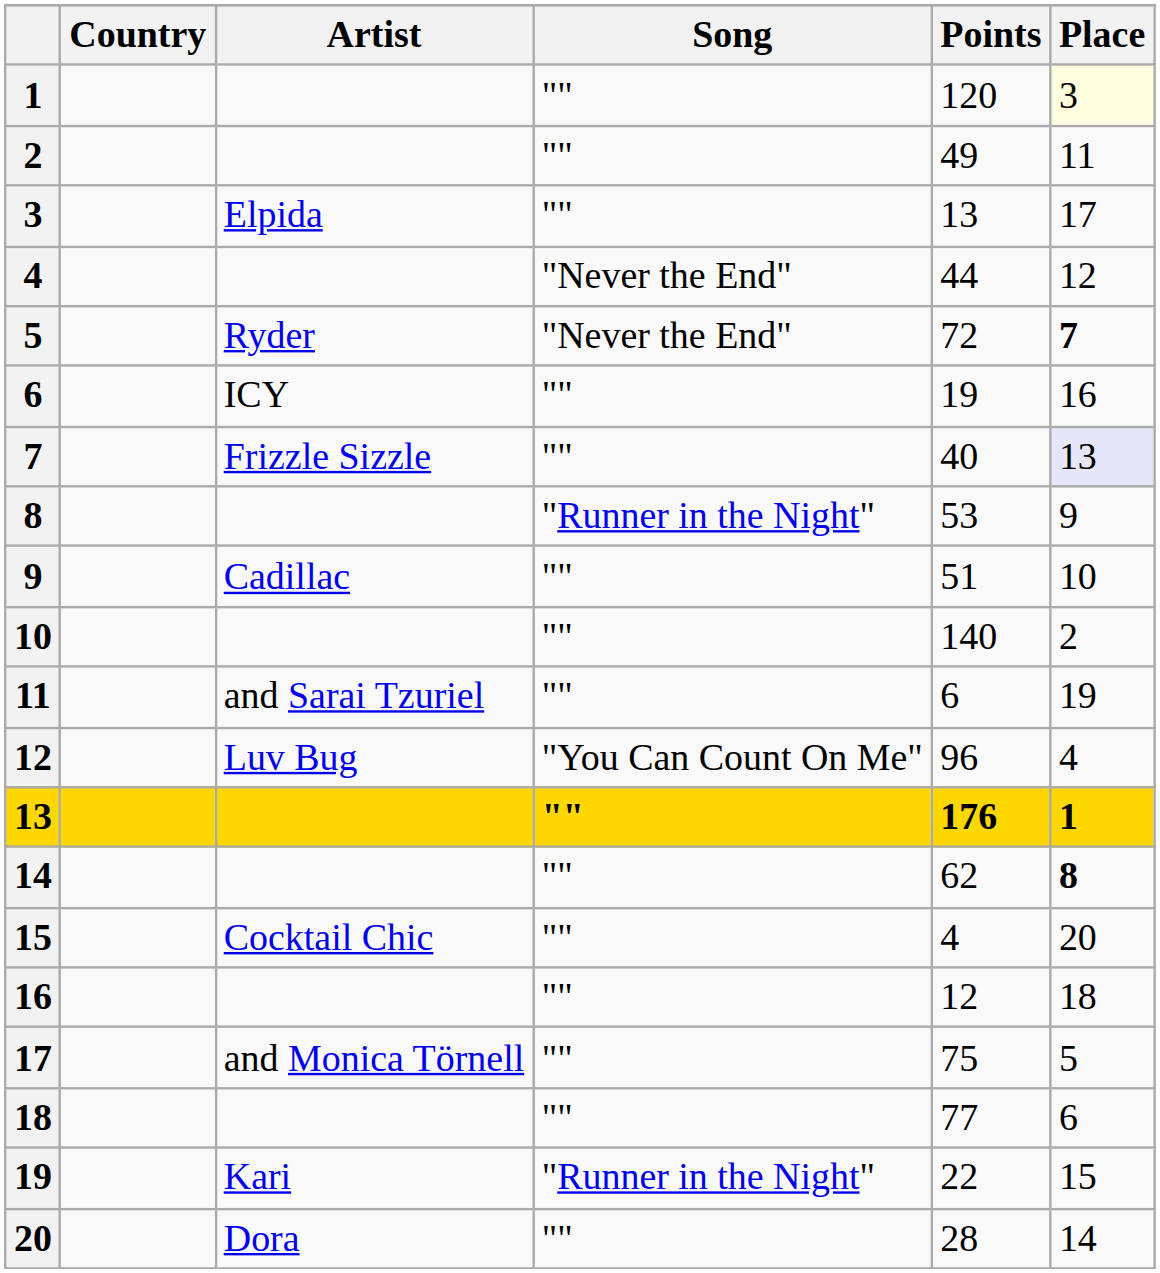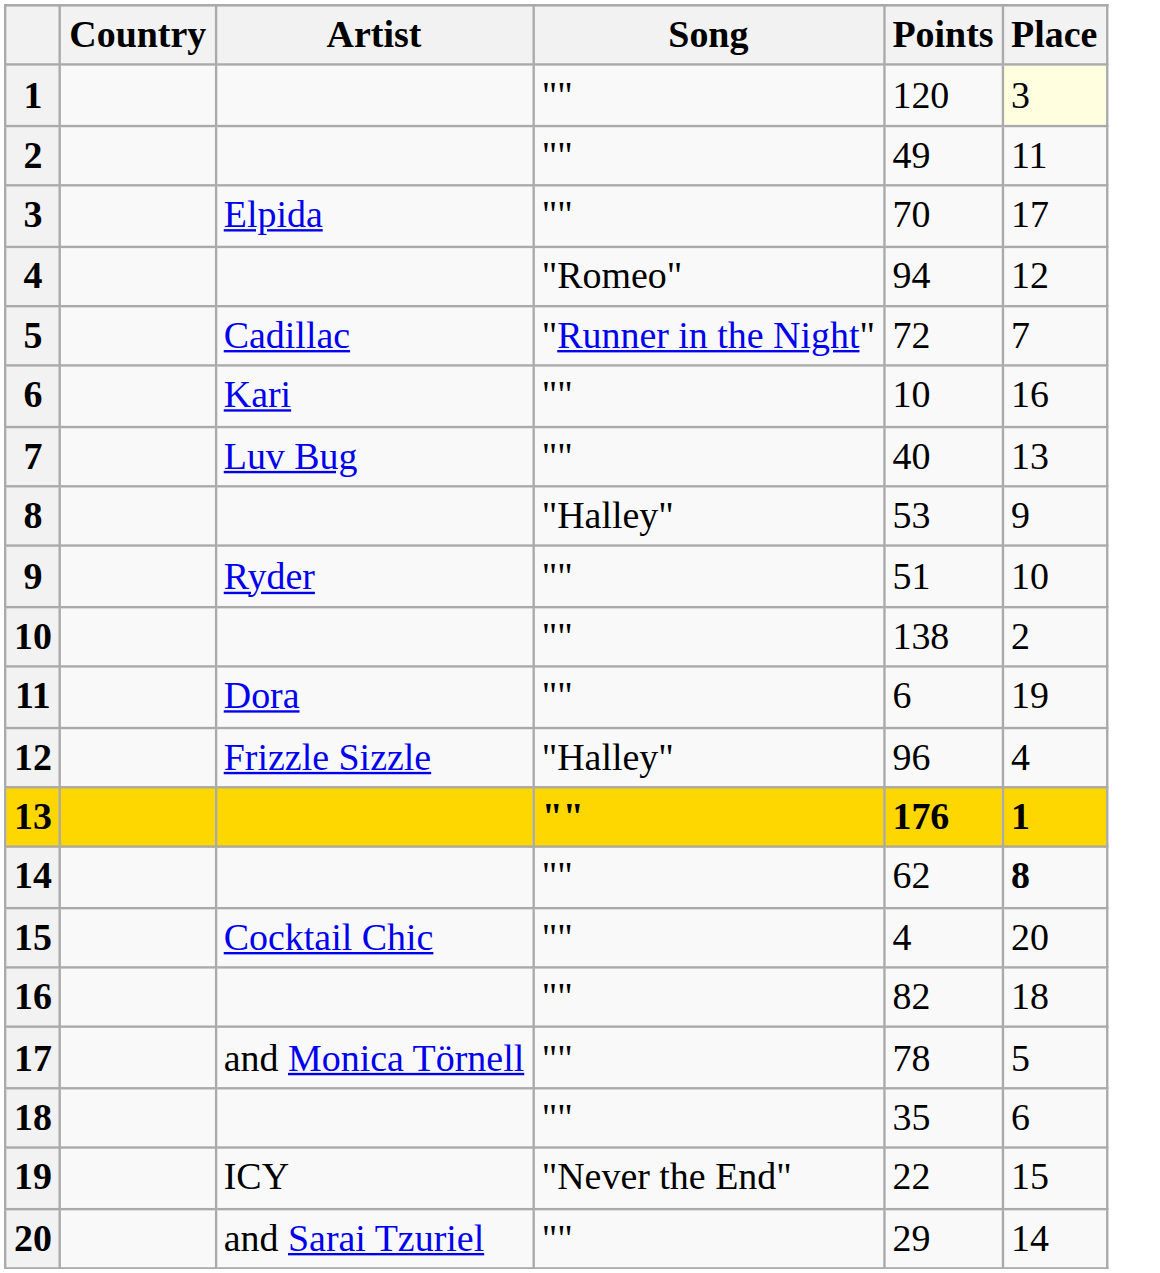 <table class="sortable wikitable plainrowheaders">
 <tr>
 </tr>
 <tr>
 <th scope="col"></th>
 <th scope="col">Country</th>
 <th scope="col">Artist</th>
 <th scope="col">Song</th>
 <th scope="col">Points</th>
 <th scope="col">Place</th>
 </tr>
 <tr>
 <th scope="row" style="text-align:center;">1</th>
 <td></td>
 <td></td>
 <td>""</td>
 <td>120</td>
 <td style="background: lightyellow;">3</td>
 </tr>
 <tr>
 <th scope="row" style="text-align:center;">2</th>
 <td></td>
 <td></td>
 <td>""</td>
 <td>49</td>
 <td>11</td>
 </tr>
 <tr>
 <th scope="row" style="text-align:center;">3</th>
 <td></td>
 <td><a href='#'>Elpida</a></td>
 <td>""</td>
-<td>13</td>
+<td>70</td>
 <td>17</td>
 </tr>
 <tr>
 <th scope="row" style="text-align:center;">4</th>
 <td></td>
 <td></td>
-<td>"Never the End"</td>
-<td>44</td>
+<td>"Romeo"</td>
+<td>94</td>
 <td>12</td>
 </tr>
 <tr>
 <th scope="row" style="text-align:center;">5</th>
 <td></td>
-<td><a href='#'>Ryder</a></td>
-<td>"Never the End"</td>
+<td><a href='#'>Cadillac</a></td>
+<td>"<a href='#'>Runner in the Night</a>"</td>
 <td>72</td>
-<td><strong>7</strong></td>
+<td>7</td>
 </tr>
 <tr>
 <th scope="row" style="text-align:center;">6</th>
 <td></td>
-<td>ICY</td>
+<td><a href='#'>Kari</a></td>
 <td>""</td>
-<td>19</td>
+<td>10</td>
 <td>16</td>
 </tr>
 <tr>
 <th scope="row" style="text-align:center;">7</th>
 <td></td>
-<td><a href='#'>Frizzle Sizzle</a></td>
+<td><a href='#'>Luv Bug</a></td>
 <td>""</td>
 <td>40</td>
-<td style="background: lavender;">13</td>
+<td>13</td>
 </tr>
 <tr>
 <th scope="row" style="text-align:center;">8</th>
 <td></td>
 <td></td>
-<td>"<a href='#'>Runner in the Night</a>"</td>
+<td>"Halley"</td>
 <td>53</td>
 <td>9</td>
 </tr>
 <tr>
 <th scope="row" style="text-align:center;">9</th>
 <td></td>
-<td><a href='#'>Cadillac</a></td>
+<td><a href='#'>Ryder</a></td>
 <td>""</td>
 <td>51</td>
 <td>10</td>
 </tr>
 <tr>
 <th scope="row" style="text-align:center;">10</th>
 <td></td>
 <td></td>
 <td>""</td>
-<td>140</td>
+<td>138</td>
 <td>2</td>
 </tr>
 <tr>
 <th scope="row" style="text-align:center;">11</th>
 <td></td>
-<td> and <a href='#'>Sarai Tzuriel</a></td>
+<td><a href='#'>Dora</a></td>
 <td>""</td>
 <td>6</td>
 <td>19</td>
 </tr>
 <tr>
 <th scope="row" style="text-align:center;">12</th>
 <td></td>
-<td><a href='#'>Luv Bug</a></td>
-<td>"You Can Count On Me"</td>
+<td><a href='#'>Frizzle Sizzle</a></td>
+<td>"Halley"</td>
 <td>96</td>
 <td>4</td>
 </tr>
 <tr style="font-weight:bold; background:gold;">
 <th scope="row" style="text-align:center; font-weight:bold; background:gold;">13</th>
 <td></td>
 <td></td>
 <td>""</td>
 <td>176</td>
 <td>1</td>
 </tr>
 <tr>
 <th scope="row" style="text-align:center;">14</th>
 <td></td>
 <td></td>
 <td>""</td>
 <td>62</td>
 <td><strong>8</strong></td>
 </tr>
 <tr>
 <th scope="row" style="text-align:center;">15</th>
 <td></td>
 <td><a href='#'>Cocktail Chic</a></td>
 <td>""</td>
 <td>4</td>
 <td>20</td>
 </tr>
 <tr>
 <th scope="row" style="text-align:center;">16</th>
 <td></td>
 <td></td>
 <td>""</td>
-<td>12</td>
+<td>82</td>
 <td>18</td>
 </tr>
 <tr>
 <th scope="row" style="text-align:center;">17</th>
 <td></td>
 <td> and <a href='#'>Monica Törnell</a></td>
 <td>""</td>
-<td>75</td>
+<td>78</td>
 <td>5</td>
 </tr>
 <tr>
 <th scope="row" style="text-align:center;">18</th>
 <td></td>
 <td></td>
 <td>""</td>
-<td>77</td>
+<td>35</td>
 <td>6</td>
 </tr>
 <tr>
 <th scope="row" style="text-align:center;">19</th>
 <td></td>
-<td><a href='#'>Kari</a></td>
-<td>"<a href='#'>Runner in the Night</a>"</td>
+<td>ICY</td>
+<td>"Never the End"</td>
 <td>22</td>
 <td>15</td>
 </tr>
 <tr>
 <th scope="row" style="text-align:center;">20</th>
 <td></td>
-<td><a href='#'>Dora</a></td>
+<td> and <a href='#'>Sarai Tzuriel</a></td>
 <td>""</td>
-<td>28</td>
+<td>29</td>
 <td>14</td>
 </tr>
 </table>
